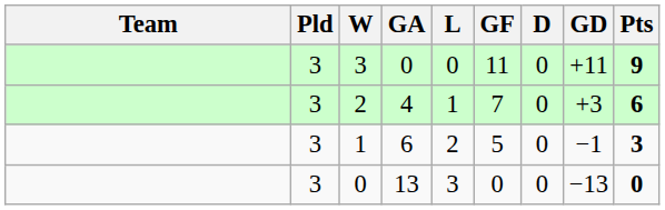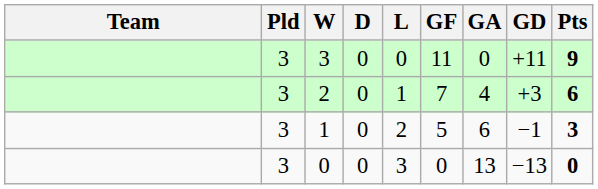 <table class=wikitable style="text-align:center">
 <tr>
 <th width=175>Team</th>
 <th width=20>Pld</th>
 <th width=20>W</th>
-<th width=20>GA</th>
+<th width=20>D</th>
 <th width=20>L</th>
 <th width=20>GF</th>
-<th width=20>D</th>
+<th width=20>GA</th>
 <th width=20>GD</th>
 <th width=20>Pts</th>
 </tr>
 <tr style="background:#cfc;">
 <td align=left></td>
 <td>3</td>
 <td>3</td>
 <td>0</td>
 <td>0</td>
 <td>11</td>
 <td>0</td>
 <td>+11</td>
 <td><strong>9</strong></td>
 </tr>
 <tr style="background:#cfc;">
 <td align=left></td>
 <td>3</td>
 <td>2</td>
-<td>4</td>
+<td>0</td>
 <td>1</td>
 <td>7</td>
-<td>0</td>
+<td>4</td>
 <td>+3</td>
 <td><strong>6</strong></td>
 </tr>
 <tr>
 <td align=left></td>
 <td>3</td>
 <td>1</td>
-<td>6</td>
+<td>0</td>
 <td>2</td>
 <td>5</td>
-<td>0</td>
+<td>6</td>
 <td>−1</td>
 <td><strong>3</strong></td>
 </tr>
 <tr>
 <td align=left></td>
 <td>3</td>
 <td>0</td>
-<td>13</td>
+<td>0</td>
 <td>3</td>
 <td>0</td>
-<td>0</td>
+<td>13</td>
 <td>−13</td>
 <td><strong>0</strong></td>
 </tr>
 </table>
